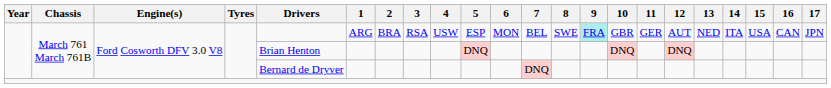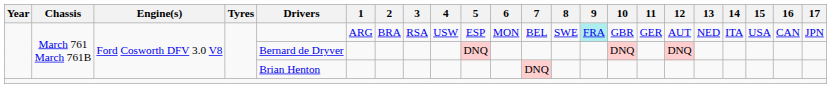 <table class="wikitable" style="text-align:center; font-size:95%">
 <tr>
 <th>Year</th>
 <th>Chassis</th>
 <th>Engine(s)</th>
 <th>Tyres</th>
 <th>Drivers</th>
 <th>1</th>
 <th>2</th>
 <th>3</th>
 <th>4</th>
 <th>5</th>
 <th>6</th>
 <th>7</th>
 <th>8</th>
 <th>9</th>
 <th>10</th>
 <th>11</th>
 <th>12</th>
 <th>13</th>
 <th>14</th>
 <th>15</th>
 <th>16</th>
 <th>17</th>
 </tr>
 <tr>
 <td rowspan="3"></td>
 <td rowspan="3"><a href='#'>March</a> 761<br><a href='#'>March</a> 761B</td>
 <td rowspan="3"><a href='#'>Ford</a> <a href='#'>Cosworth DFV</a> 3.0 <a href='#'>V8</a></td>
 <td rowspan="3"></td>
 <td></td>
 <td><a href='#'>ARG</a></td>
 <td><a href='#'>BRA</a></td>
 <td><a href='#'>RSA</a></td>
 <td><a href='#'>USW</a></td>
 <td><a href='#'>ESP</a></td>
 <td><a href='#'>MON</a></td>
 <td><a href='#'>BEL</a></td>
 <td><a href='#'>SWE</a></td>
 <td style="background: paleturquoise;"><a href='#'>FRA</a></td>
 <td><a href='#'>GBR</a></td>
 <td><a href='#'>GER</a></td>
 <td><a href='#'>AUT</a></td>
 <td><a href='#'>NED</a></td>
 <td><a href='#'>ITA</a></td>
 <td><a href='#'>USA</a></td>
 <td><a href='#'>CAN</a></td>
 <td><a href='#'>JPN</a></td>
 </tr>
 <tr>
-<td align="left"> <a href='#'>Brian Henton</a></td>
+<td align="left"> <a href='#'>Bernard de Dryver</a></td>
 <td></td>
 <td></td>
 <td></td>
 <td></td>
 <td style="background:#FFCFCF;">DNQ</td>
 <td></td>
 <td></td>
 <td></td>
 <td></td>
 <td style="background:#FFCFCF;">DNQ</td>
 <td></td>
 <td style="background:#FFCFCF;">DNQ</td>
 <td></td>
 <td></td>
 <td></td>
 <td></td>
 <td></td>
 </tr>
 <tr>
-<td align="left"> <a href='#'>Bernard de Dryver</a></td>
+<td align="left"> <a href='#'>Brian Henton</a></td>
 <td></td>
 <td></td>
 <td></td>
 <td></td>
 <td></td>
 <td></td>
 <td style="background:#FFCFCF;">DNQ</td>
 <td></td>
 <td></td>
 <td></td>
 <td></td>
 <td></td>
 <td></td>
 <td></td>
 <td></td>
 <td></td>
 <td></td>
 </tr>
 <tr>
 <td colspan="22"></td>
 </tr>
 </table>
